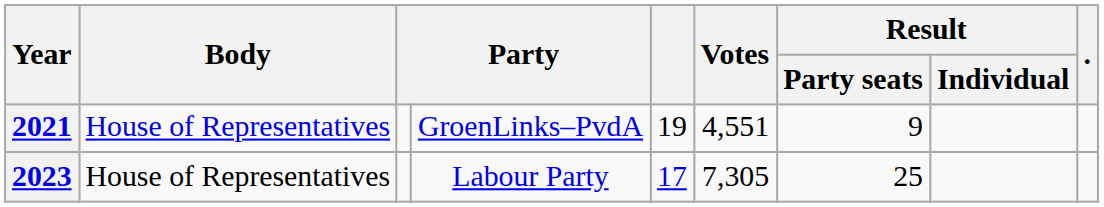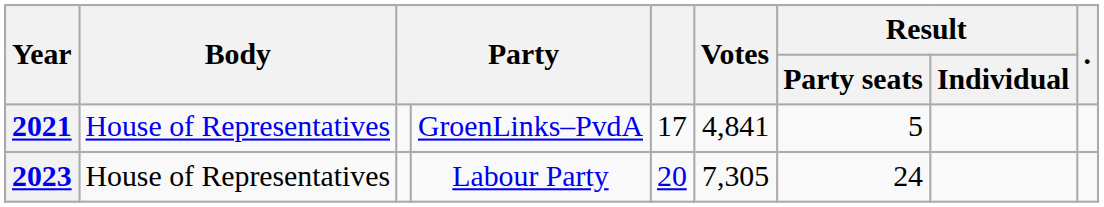 <table class="wikitable plainrowheaders sortable" border=2 cellpadding=4 cellspacing=0 style="border: 1px #aaa solid; font-size: 90%; text-align:center;">
 <tr>
 <th scope="col" rowspan=2>Year</th>
 <th scope="col" rowspan=2>Body</th>
 <th scope="col" colspan=2 rowspan=2>Party</th>
 <th scope="col" rowspan=2></th>
 <th scope="col" rowspan=2>Votes</th>
 <th scope="colgroup" colspan=2>Result</th>
 <th scope="col" rowspan=2 class="unsortable">.</th>
 </tr>
 <tr>
 <th scope="col">Party seats</th>
 <th scope="col">Individual</th>
 </tr>
 <tr>
 <th scope="row"><a href='#'>2021</a></th>
 <td><a href='#'>House of Representatives</a></td>
 <td style="background-color:"></td>
 <td><a href='#'>GroenLinks–PvdA</a></td>
-<td style=text-align:right>19</td>
-<td style=text-align:right>4,551</td>
-<td style=text-align:right>9</td>
+<td style=text-align:right>17</td>
+<td style=text-align:right>4,841</td>
+<td style=text-align:right>5</td>
 <td></td>
 <td></td>
 </tr>
 <tr>
 <th scope="row"><a href='#'>2023</a></th>
 <td>House of Representatives</td>
 <td style="background-color:"></td>
 <td><a href='#'>Labour Party</a></td>
-<td style=text-align:right><a href='#'>17</a></td>
+<td style=text-align:right><a href='#'>20</a></td>
 <td style=text-align:right>7,305</td>
-<td style=text-align:right>25</td>
+<td style=text-align:right>24</td>
 <td></td>
 <td></td>
 </tr>
 </table>
